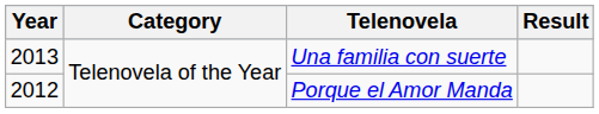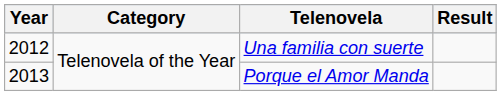 <table class="wikitable">
 <tr style="background:#b0c4de;">
 <th>Year</th>
 <th>Category</th>
 <th>Telenovela</th>
 <th>Result</th>
 </tr>
 <tr>
-<td>2013</td>
+<td>2012</td>
 <td rowspan=2>Telenovela of the Year</td>
 <td><em><a href='#'>Una familia con suerte</a></em></td>
 <td></td>
 </tr>
 <tr>
-<td>2012</td>
+<td>2013</td>
 <td><em><a href='#'>Porque el Amor Manda</a></em></td>
 <td></td>
 </tr>
 </table>
